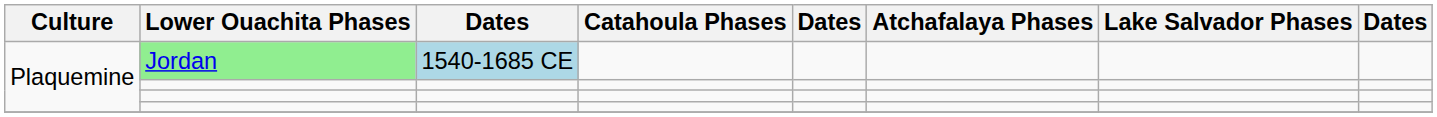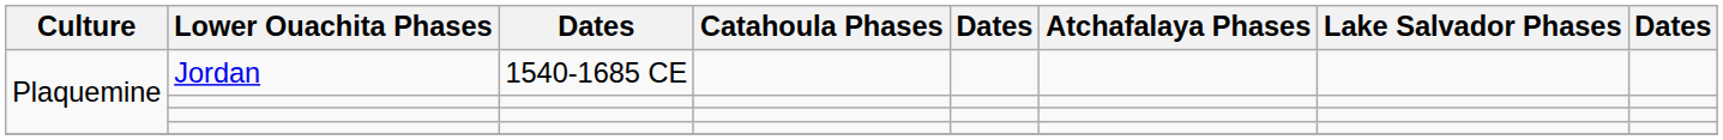 <table class="wikitable">
 <tr>
 <th>Culture</th>
 <th>Lower Ouachita Phases</th>
 <th>Dates</th>
 <th>Catahoula Phases</th>
 <th>Dates</th>
 <th>Atchafalaya Phases</th>
 <th>Lake Salvador Phases</th>
 <th>Dates</th>
 </tr>
 <tr>
 <td rowspan="4">Plaquemine</td>
-<td style="background: lightgreen;"><a href='#'>Jordan</a></td>
-<td style="background: lightblue;">1540-1685 CE</td>
+<td><a href='#'>Jordan</a></td>
+<td>1540-1685 CE</td>
 <td></td>
 <td></td>
 <td></td>
 <td></td>
 <td></td>
 </tr>
 <tr>
 <td></td>
 <td></td>
 <td></td>
 <td></td>
 <td></td>
 <td></td>
 <td></td>
 </tr>
 <tr>
 <td></td>
 <td></td>
 <td></td>
 <td></td>
 <td></td>
 <td></td>
 <td></td>
 </tr>
 <tr>
 <td></td>
 <td></td>
 <td></td>
 <td></td>
 <td></td>
 <td></td>
 <td></td>
 </tr>
 <tr>
 </tr>
 </table>
